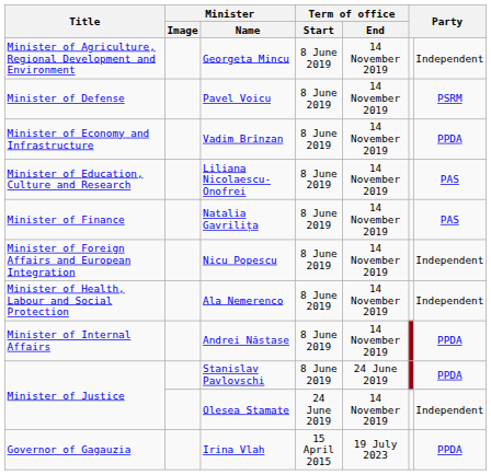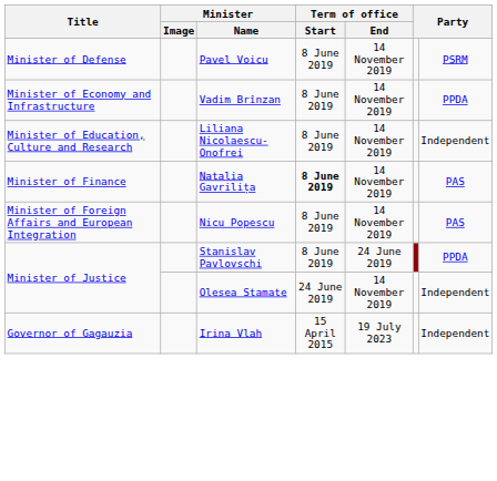 <table class="wikitable sortable" style="text-align:left">
 <tr>
 <th rowspan="2">Title</th>
 <th colspan="2">Minister</th>
 <th colspan="2">Term of office</th>
 <th rowspan="2" colspan="2">Party</th>
 </tr>
 <tr>
 <th class="unsortable">Image</th>
 <th>Name</th>
 <th data-sort-type=date>Start</th>
 <th data-sort-type=date>End</th>
-</tr>
-<tr>
-<td><a href='#'>Minister of Agriculture, Regional Development and Environment</a></td>
-<td></td>
-<td><a href='#'>Georgeta Mincu</a></td>
-<td style="text-align:center">8 June 2019</td>
-<td style="text-align:center">14 November 2019</td>
-<td style="color:inherit;background:"></td>
-<td style="text-align:center">Independent</td>
 </tr>
 <tr>
 <td><a href='#'>Minister of Defense</a></td>
 <td></td>
 <td><a href='#'>Pavel Voicu</a></td>
 <td style="text-align:center">8 June 2019</td>
 <td style="text-align:center">14 November 2019</td>
 <td style="color:inherit;background:"></td>
 <td style="text-align:center"><a href='#'>PSRM</a></td>
 </tr>
 <tr>
 <td><a href='#'>Minister of Economy and Infrastructure</a></td>
 <td></td>
 <td><a href='#'>Vadim Brînzan</a></td>
 <td style="text-align:center">8 June 2019</td>
 <td style="text-align:center">14 November 2019</td>
 <td style="color:inherit;background:"></td>
 <td style="text-align:center"><a href='#'>PPDA</a></td>
 </tr>
 <tr>
 <td><a href='#'>Minister of Education, Culture and Research</a></td>
 <td></td>
 <td><a href='#'>Liliana Nicolaescu-Onofrei</a></td>
 <td style="text-align:center">8 June 2019</td>
 <td style="text-align:center">14 November 2019</td>
 <td style="color:inherit;background:"></td>
-<td style="text-align:center"><a href='#'>PAS</a></td>
+<td style="text-align:center">Independent</td>
 </tr>
 <tr>
 <td><a href='#'>Minister of Finance</a></td>
 <td></td>
 <td><a href='#'>Natalia Gavrilița</a></td>
-<td style="text-align:center">8 June 2019</td>
+<td style="text-align:center"><strong>8 June 2019</strong></td>
 <td style="text-align:center">14 November 2019</td>
 <td style="color:inherit;background:"></td>
 <td style="text-align:center"><a href='#'>PAS</a></td>
 </tr>
 <tr>
 <td><a href='#'>Minister of Foreign Affairs and European Integration</a></td>
 <td></td>
 <td><a href='#'>Nicu Popescu</a></td>
 <td style="text-align:center">8 June 2019</td>
 <td style="text-align:center">14 November 2019</td>
 <td style="color:inherit;background:"></td>
-<td style="text-align:center">Independent</td>
-</tr>
-<tr>
-<td><a href='#'>Minister of Health, Labour and Social Protection</a></td>
-<td></td>
-<td><a href='#'>Ala Nemerenco</a></td>
-<td style="text-align:center">8 June 2019</td>
-<td style="text-align:center">14 November 2019</td>
-<td style="color:inherit;background:"></td>
-<td style="text-align:center">Independent</td>
-</tr>
-<tr>
-<td><a href='#'>Minister of Internal Affairs</a></td>
-<td></td>
-<td><a href='#'>Andrei Năstase</a></td>
-<td style="text-align:center">8 June 2019</td>
-<td style="text-align:center">14 November 2019</td>
-<td style="color:inherit;background:#92000A;"></td>
-<td style="text-align:center"><a href='#'>PPDA</a></td>
+<td style="text-align:center"><a href='#'>PAS</a></td>
 </tr>
 <tr>
 <td rowspan="2"><a href='#'>Minister of Justice</a></td>
 <td></td>
 <td><a href='#'>Stanislav Pavlovschi</a></td>
 <td style="text-align:center">8 June 2019</td>
 <td style="text-align:center">24 June 2019</td>
 <td style="color:inherit;background:#92000A;"></td>
 <td style="text-align:center"><a href='#'>PPDA</a></td>
 </tr>
 <tr>
 <td></td>
 <td><a href='#'>Olesea Stamate</a></td>
 <td style="text-align:center">24 June 2019</td>
 <td style="text-align:center">14 November 2019</td>
 <td style="color:inherit;background:"></td>
 <td style="text-align:center">Independent</td>
 </tr>
 <tr>
 <td><a href='#'>Governor of Gagauzia</a></td>
 <td></td>
 <td><a href='#'>Irina Vlah</a></td>
 <td style="text-align:center">15 April 2015</td>
 <td style="text-align:center">19 July 2023</td>
 <td style="color:inherit;background:"></td>
-<td style="text-align:center"><a href='#'>PPDA</a></td>
+<td style="text-align:center">Independent</td>
 </tr>
 </table>
